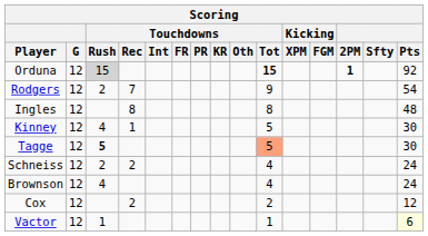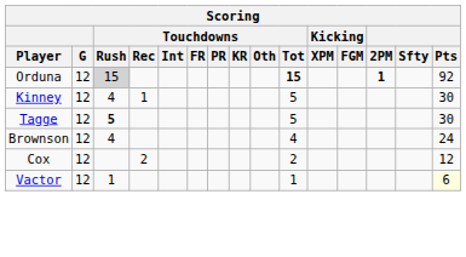 <table class="wikitable" style="text-align:center">
 <tr>
 <th colspan="15">Scoring</th>
 </tr>
 <tr>
 <th colspan="2"></th>
 <th colspan="8">Touchdowns</th>
 <th colspan="2">Kicking</th>
 <th colspan="3"></th>
 </tr>
 <tr>
 <th>Player</th>
 <th>G</th>
 <th>Rush</th>
 <th>Rec</th>
 <th>Int</th>
 <th>FR</th>
 <th>PR</th>
 <th>KR</th>
 <th>Oth</th>
 <th>Tot</th>
 <th>XPM</th>
 <th>FGM</th>
 <th>2PM</th>
 <th>Sfty</th>
 <th>Pts</th>
 </tr>
 <tr>
 <td>Orduna</td>
 <td>12</td>
 <td style="background: lightgrey;">15</td>
 <td></td>
 <td></td>
 <td></td>
 <td></td>
 <td></td>
 <td></td>
 <td><strong>15</strong></td>
 <td></td>
 <td></td>
 <td><strong>1</strong></td>
 <td></td>
 <td>92</td>
 </tr>
 <tr>
-<td><a href='#'>Rodgers</a></td>
-<td>12</td>
-<td>2</td>
-<td>7</td>
-<td></td>
-<td></td>
-<td></td>
-<td></td>
-<td></td>
-<td>9</td>
-<td></td>
-<td></td>
-<td></td>
-<td></td>
-<td>54</td>
-</tr>
-<tr>
-<td>Ingles</td>
-<td>12</td>
-<td></td>
-<td>8</td>
-<td></td>
-<td></td>
-<td></td>
-<td></td>
-<td></td>
-<td>8</td>
-<td></td>
-<td></td>
-<td></td>
-<td></td>
-<td>48</td>
-</tr>
-<tr>
 <td><a href='#'>Kinney</a></td>
 <td>12</td>
 <td>4</td>
 <td>1</td>
 <td></td>
 <td></td>
 <td></td>
 <td></td>
 <td></td>
 <td>5</td>
 <td></td>
 <td></td>
 <td></td>
 <td></td>
 <td>30</td>
 </tr>
 <tr>
 <td><a href='#'>Tagge</a></td>
 <td>12</td>
 <td><strong>5</strong></td>
 <td></td>
 <td></td>
 <td></td>
 <td></td>
 <td></td>
 <td></td>
-<td style="background: lightsalmon;">5</td>
+<td>5</td>
 <td></td>
 <td></td>
 <td></td>
 <td></td>
 <td>30</td>
-</tr>
-<tr>
-<td>Schneiss</td>
-<td>12</td>
-<td>2</td>
-<td>2</td>
-<td></td>
-<td></td>
-<td></td>
-<td></td>
-<td></td>
-<td>4</td>
-<td></td>
-<td></td>
-<td></td>
-<td></td>
-<td>24</td>
 </tr>
 <tr>
 <td>Brownson</td>
 <td>12</td>
 <td>4</td>
 <td></td>
 <td></td>
 <td></td>
 <td></td>
 <td></td>
 <td></td>
 <td>4</td>
 <td></td>
 <td></td>
 <td></td>
 <td></td>
 <td>24</td>
 </tr>
 <tr>
 <td>Cox</td>
 <td>12</td>
 <td></td>
 <td>2</td>
 <td></td>
 <td></td>
 <td></td>
 <td></td>
 <td></td>
 <td>2</td>
 <td></td>
 <td></td>
 <td></td>
 <td></td>
 <td>12</td>
 </tr>
 <tr>
 <td><a href='#'>Vactor</a></td>
 <td>12</td>
 <td>1</td>
 <td></td>
 <td></td>
 <td></td>
 <td></td>
 <td></td>
 <td></td>
 <td>1</td>
 <td></td>
 <td></td>
 <td></td>
 <td></td>
 <td style="background: lightyellow;">6</td>
 </tr>
 </table>
